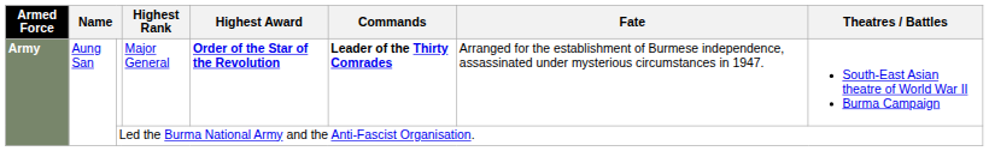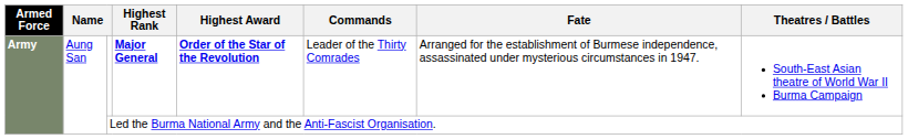 <table class="wikitable">
 <tr>
 <th style="background:#000; color:white;">Armed Force</th>
 <th colspan="2">Name</th>
 <th>Highest Rank</th>
 <th>Highest Award</th>
 <th>Commands</th>
 <th>Fate</th>
 <th>Theatres / Battles</th>
 </tr>
 <tr style="background:#fff;vertical-align: top;">
 <td style="background:#78866b; color:white;" rowspan="2"><strong>Army</strong></td>
 <td rowspan="2"><a href='#'>Aung San</a></td>
 <td></td>
-<td><a href='#'>Major General</a></td>
+<td><strong><a href='#'>Major General</a></strong></td>
 <td><strong><a href='#'>Order of the Star of the Revolution</a></strong></td>
-<td><strong>Leader of the <a href='#'>Thirty Comrades</a></strong></td>
+<td>Leader of the <a href='#'>Thirty Comrades</a></td>
 <td>Arranged for the establishment of Burmese independence, assassinated under mysterious circumstances in 1947.</td>
 <td><br><ul><li><a href='#'>South-East Asian theatre of World War II</a></li><li><a href='#'>Burma Campaign</a></li></ul></td>
 </tr>
 <tr style="background:#fff;">
 <td colspan="8">Led the <a href='#'>Burma National Army</a> and the <a href='#'>Anti-Fascist Organisation</a>.</td>
 </tr>
 </table>
